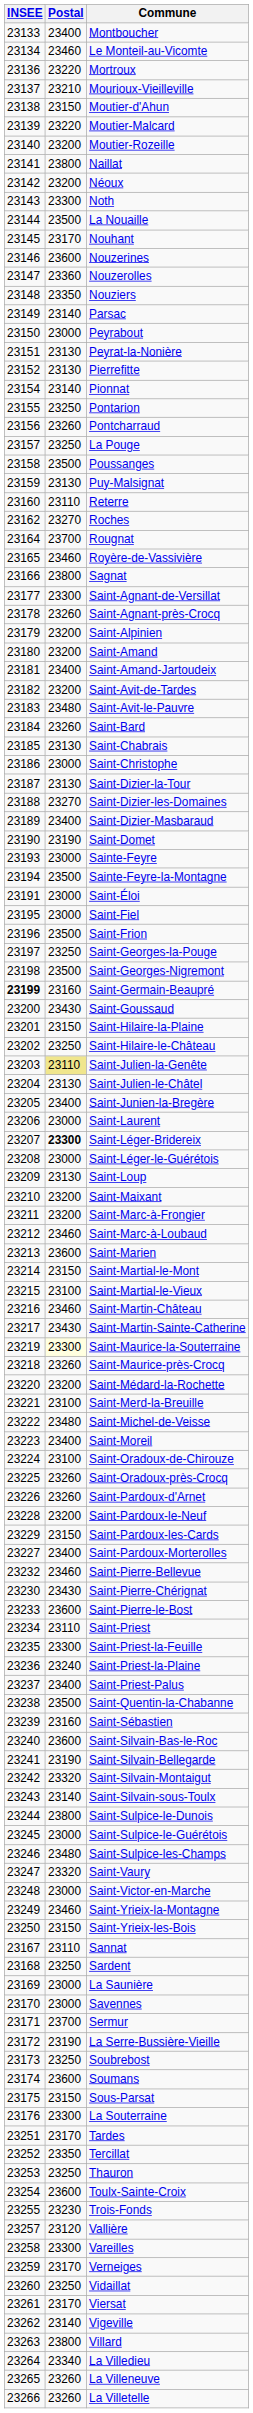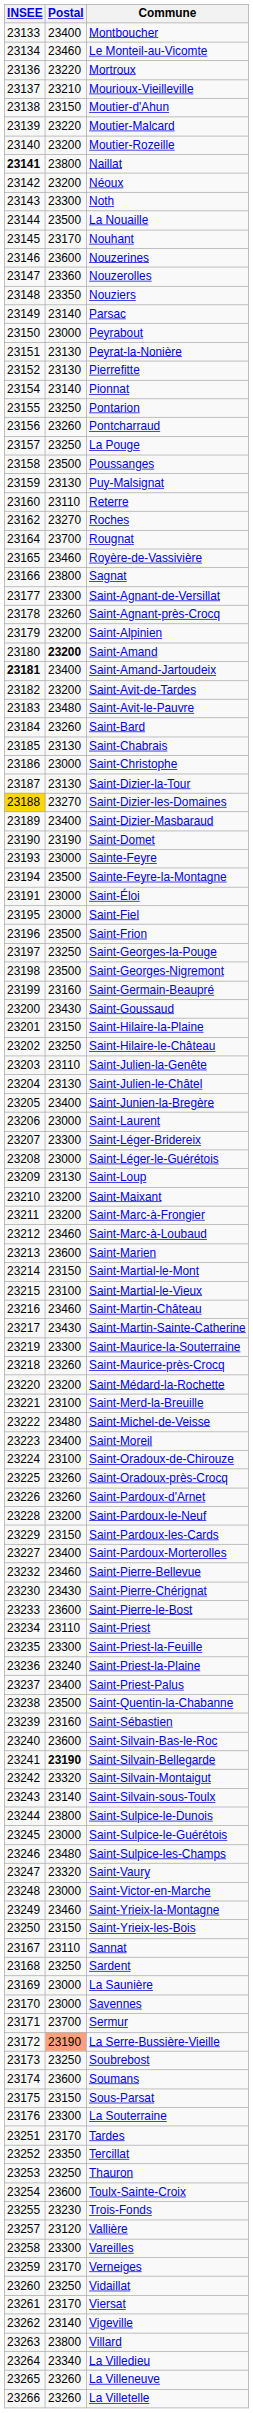 <table class="wikitable sortable">
 <tr>
 <th><a href='#'>INSEE</a></th>
 <th><a href='#'>Postal</a></th>
 <th>Commune</th>
 </tr>
 <tr>
 <td>23133</td>
 <td>23400</td>
 <td><a href='#'>Montboucher</a></td>
 </tr>
 <tr>
 <td>23134</td>
 <td>23460</td>
 <td><a href='#'>Le Monteil-au-Vicomte</a></td>
 </tr>
 <tr>
 <td>23136</td>
 <td>23220</td>
 <td><a href='#'>Mortroux</a></td>
 </tr>
 <tr>
 <td>23137</td>
 <td>23210</td>
 <td><a href='#'>Mourioux-Vieilleville</a></td>
 </tr>
 <tr>
 <td>23138</td>
 <td>23150</td>
 <td><a href='#'>Moutier-d'Ahun</a></td>
 </tr>
 <tr>
 <td>23139</td>
 <td>23220</td>
 <td><a href='#'>Moutier-Malcard</a></td>
 </tr>
 <tr>
 <td>23140</td>
 <td>23200</td>
 <td><a href='#'>Moutier-Rozeille</a></td>
 </tr>
 <tr>
-<td>23141</td>
+<td><strong>23141</strong></td>
 <td>23800</td>
 <td><a href='#'>Naillat</a></td>
 </tr>
 <tr>
 <td>23142</td>
 <td>23200</td>
 <td><a href='#'>Néoux</a></td>
 </tr>
 <tr>
 <td>23143</td>
 <td>23300</td>
 <td><a href='#'>Noth</a></td>
 </tr>
 <tr>
 <td>23144</td>
 <td>23500</td>
 <td><a href='#'>La Nouaille</a></td>
 </tr>
 <tr>
 <td>23145</td>
 <td>23170</td>
 <td><a href='#'>Nouhant</a></td>
 </tr>
 <tr>
 <td>23146</td>
 <td>23600</td>
 <td><a href='#'>Nouzerines</a></td>
 </tr>
 <tr>
 <td>23147</td>
 <td>23360</td>
 <td><a href='#'>Nouzerolles</a></td>
 </tr>
 <tr>
 <td>23148</td>
 <td>23350</td>
 <td><a href='#'>Nouziers</a></td>
 </tr>
 <tr>
 <td>23149</td>
 <td>23140</td>
 <td><a href='#'>Parsac</a></td>
 </tr>
 <tr>
 <td>23150</td>
 <td>23000</td>
 <td><a href='#'>Peyrabout</a></td>
 </tr>
 <tr>
 <td>23151</td>
 <td>23130</td>
 <td><a href='#'>Peyrat-la-Nonière</a></td>
 </tr>
 <tr>
 <td>23152</td>
 <td>23130</td>
 <td><a href='#'>Pierrefitte</a></td>
 </tr>
 <tr>
 <td>23154</td>
 <td>23140</td>
 <td><a href='#'>Pionnat</a></td>
 </tr>
 <tr>
 <td>23155</td>
 <td>23250</td>
 <td><a href='#'>Pontarion</a></td>
 </tr>
 <tr>
 <td>23156</td>
 <td>23260</td>
 <td><a href='#'>Pontcharraud</a></td>
 </tr>
 <tr>
 <td>23157</td>
 <td>23250</td>
 <td><a href='#'>La Pouge</a></td>
 </tr>
 <tr>
 <td>23158</td>
 <td>23500</td>
 <td><a href='#'>Poussanges</a></td>
 </tr>
 <tr>
 <td>23159</td>
 <td>23130</td>
 <td><a href='#'>Puy-Malsignat</a></td>
 </tr>
 <tr>
 <td>23160</td>
 <td>23110</td>
 <td><a href='#'>Reterre</a></td>
 </tr>
 <tr>
 <td>23162</td>
 <td>23270</td>
 <td><a href='#'>Roches</a></td>
 </tr>
 <tr>
 <td>23164</td>
 <td>23700</td>
 <td><a href='#'>Rougnat</a></td>
 </tr>
 <tr>
 <td>23165</td>
 <td>23460</td>
 <td><a href='#'>Royère-de-Vassivière</a></td>
 </tr>
 <tr>
 <td>23166</td>
 <td>23800</td>
 <td><a href='#'>Sagnat</a></td>
 </tr>
 <tr>
 <td>23177</td>
 <td>23300</td>
 <td><a href='#'>Saint-Agnant-de-Versillat</a></td>
 </tr>
 <tr>
 <td>23178</td>
 <td>23260</td>
 <td><a href='#'>Saint-Agnant-près-Crocq</a></td>
 </tr>
 <tr>
 <td>23179</td>
 <td>23200</td>
 <td><a href='#'>Saint-Alpinien</a></td>
 </tr>
 <tr>
 <td>23180</td>
-<td>23200</td>
+<td><strong>23200</strong></td>
 <td><a href='#'>Saint-Amand</a></td>
 </tr>
 <tr>
-<td>23181</td>
+<td><strong>23181</strong></td>
 <td>23400</td>
 <td><a href='#'>Saint-Amand-Jartoudeix</a></td>
 </tr>
 <tr>
 <td>23182</td>
 <td>23200</td>
 <td><a href='#'>Saint-Avit-de-Tardes</a></td>
 </tr>
 <tr>
 <td>23183</td>
 <td>23480</td>
 <td><a href='#'>Saint-Avit-le-Pauvre</a></td>
 </tr>
 <tr>
 <td>23184</td>
 <td>23260</td>
 <td><a href='#'>Saint-Bard</a></td>
 </tr>
 <tr>
 <td>23185</td>
 <td>23130</td>
 <td><a href='#'>Saint-Chabrais</a></td>
 </tr>
 <tr>
 <td>23186</td>
 <td>23000</td>
 <td><a href='#'>Saint-Christophe</a></td>
 </tr>
 <tr>
 <td>23187</td>
 <td>23130</td>
 <td><a href='#'>Saint-Dizier-la-Tour</a></td>
 </tr>
 <tr>
-<td>23188</td>
+<td style="background: gold;">23188</td>
 <td>23270</td>
 <td><a href='#'>Saint-Dizier-les-Domaines</a></td>
 </tr>
 <tr>
 <td>23189</td>
 <td>23400</td>
 <td><a href='#'>Saint-Dizier-Masbaraud</a></td>
 </tr>
 <tr>
 <td>23190</td>
 <td>23190</td>
 <td><a href='#'>Saint-Domet</a></td>
 </tr>
 <tr>
 <td>23193</td>
 <td>23000</td>
 <td><a href='#'>Sainte-Feyre</a></td>
 </tr>
 <tr>
 <td>23194</td>
 <td>23500</td>
 <td><a href='#'>Sainte-Feyre-la-Montagne</a></td>
 </tr>
 <tr>
 <td>23191</td>
 <td>23000</td>
 <td><a href='#'>Saint-Éloi</a></td>
 </tr>
 <tr>
 <td>23195</td>
 <td>23000</td>
 <td><a href='#'>Saint-Fiel</a></td>
 </tr>
 <tr>
 <td>23196</td>
 <td>23500</td>
 <td><a href='#'>Saint-Frion</a></td>
 </tr>
 <tr>
 <td>23197</td>
 <td>23250</td>
 <td><a href='#'>Saint-Georges-la-Pouge</a></td>
 </tr>
 <tr>
 <td>23198</td>
 <td>23500</td>
 <td><a href='#'>Saint-Georges-Nigremont</a></td>
 </tr>
 <tr>
-<td><strong>23199</strong></td>
+<td>23199</td>
 <td>23160</td>
 <td><a href='#'>Saint-Germain-Beaupré</a></td>
 </tr>
 <tr>
 <td>23200</td>
 <td>23430</td>
 <td><a href='#'>Saint-Goussaud</a></td>
 </tr>
 <tr>
 <td>23201</td>
 <td>23150</td>
 <td><a href='#'>Saint-Hilaire-la-Plaine</a></td>
 </tr>
 <tr>
 <td>23202</td>
 <td>23250</td>
 <td><a href='#'>Saint-Hilaire-le-Château</a></td>
 </tr>
 <tr>
 <td>23203</td>
-<td style="background: khaki;">23110</td>
+<td>23110</td>
 <td><a href='#'>Saint-Julien-la-Genête</a></td>
 </tr>
 <tr>
 <td>23204</td>
 <td>23130</td>
 <td><a href='#'>Saint-Julien-le-Châtel</a></td>
 </tr>
 <tr>
 <td>23205</td>
 <td>23400</td>
 <td><a href='#'>Saint-Junien-la-Bregère</a></td>
 </tr>
 <tr>
 <td>23206</td>
 <td>23000</td>
 <td><a href='#'>Saint-Laurent</a></td>
 </tr>
 <tr>
 <td>23207</td>
-<td><strong>23300</strong></td>
+<td>23300</td>
 <td><a href='#'>Saint-Léger-Bridereix</a></td>
 </tr>
 <tr>
 <td>23208</td>
 <td>23000</td>
 <td><a href='#'>Saint-Léger-le-Guérétois</a></td>
 </tr>
 <tr>
 <td>23209</td>
 <td>23130</td>
 <td><a href='#'>Saint-Loup</a></td>
 </tr>
 <tr>
 <td>23210</td>
 <td>23200</td>
 <td><a href='#'>Saint-Maixant</a></td>
 </tr>
 <tr>
 <td>23211</td>
 <td>23200</td>
 <td><a href='#'>Saint-Marc-à-Frongier</a></td>
 </tr>
 <tr>
 <td>23212</td>
 <td>23460</td>
 <td><a href='#'>Saint-Marc-à-Loubaud</a></td>
 </tr>
 <tr>
 <td>23213</td>
 <td>23600</td>
 <td><a href='#'>Saint-Marien</a></td>
 </tr>
 <tr>
 <td>23214</td>
 <td>23150</td>
 <td><a href='#'>Saint-Martial-le-Mont</a></td>
 </tr>
 <tr>
 <td>23215</td>
 <td>23100</td>
 <td><a href='#'>Saint-Martial-le-Vieux</a></td>
 </tr>
 <tr>
 <td>23216</td>
 <td>23460</td>
 <td><a href='#'>Saint-Martin-Château</a></td>
 </tr>
 <tr>
 <td>23217</td>
 <td>23430</td>
 <td><a href='#'>Saint-Martin-Sainte-Catherine</a></td>
 </tr>
 <tr>
 <td>23219</td>
-<td style="background: lightyellow;">23300</td>
+<td>23300</td>
 <td><a href='#'>Saint-Maurice-la-Souterraine</a></td>
 </tr>
 <tr>
 <td>23218</td>
 <td>23260</td>
 <td><a href='#'>Saint-Maurice-près-Crocq</a></td>
 </tr>
 <tr>
 <td>23220</td>
 <td>23200</td>
 <td><a href='#'>Saint-Médard-la-Rochette</a></td>
 </tr>
 <tr>
 <td>23221</td>
 <td>23100</td>
 <td><a href='#'>Saint-Merd-la-Breuille</a></td>
 </tr>
 <tr>
 <td>23222</td>
 <td>23480</td>
 <td><a href='#'>Saint-Michel-de-Veisse</a></td>
 </tr>
 <tr>
 <td>23223</td>
 <td>23400</td>
 <td><a href='#'>Saint-Moreil</a></td>
 </tr>
 <tr>
 <td>23224</td>
 <td>23100</td>
 <td><a href='#'>Saint-Oradoux-de-Chirouze</a></td>
 </tr>
 <tr>
 <td>23225</td>
 <td>23260</td>
 <td><a href='#'>Saint-Oradoux-près-Crocq</a></td>
 </tr>
 <tr>
 <td>23226</td>
 <td>23260</td>
 <td><a href='#'>Saint-Pardoux-d'Arnet</a></td>
 </tr>
 <tr>
 <td>23228</td>
 <td>23200</td>
 <td><a href='#'>Saint-Pardoux-le-Neuf</a></td>
 </tr>
 <tr>
 <td>23229</td>
 <td>23150</td>
 <td><a href='#'>Saint-Pardoux-les-Cards</a></td>
 </tr>
 <tr>
 <td>23227</td>
 <td>23400</td>
 <td><a href='#'>Saint-Pardoux-Morterolles</a></td>
 </tr>
 <tr>
 <td>23232</td>
 <td>23460</td>
 <td><a href='#'>Saint-Pierre-Bellevue</a></td>
 </tr>
 <tr>
 <td>23230</td>
 <td>23430</td>
 <td><a href='#'>Saint-Pierre-Chérignat</a></td>
 </tr>
 <tr>
 <td>23233</td>
 <td>23600</td>
 <td><a href='#'>Saint-Pierre-le-Bost</a></td>
 </tr>
 <tr>
 <td>23234</td>
 <td>23110</td>
 <td><a href='#'>Saint-Priest</a></td>
 </tr>
 <tr>
 <td>23235</td>
 <td>23300</td>
 <td><a href='#'>Saint-Priest-la-Feuille</a></td>
 </tr>
 <tr>
 <td>23236</td>
 <td>23240</td>
 <td><a href='#'>Saint-Priest-la-Plaine</a></td>
 </tr>
 <tr>
 <td>23237</td>
 <td>23400</td>
 <td><a href='#'>Saint-Priest-Palus</a></td>
 </tr>
 <tr>
 <td>23238</td>
 <td>23500</td>
 <td><a href='#'>Saint-Quentin-la-Chabanne</a></td>
 </tr>
 <tr>
 <td>23239</td>
 <td>23160</td>
 <td><a href='#'>Saint-Sébastien</a></td>
 </tr>
 <tr>
 <td>23240</td>
 <td>23600</td>
 <td><a href='#'>Saint-Silvain-Bas-le-Roc</a></td>
 </tr>
 <tr>
 <td>23241</td>
-<td>23190</td>
+<td><strong>23190</strong></td>
 <td><a href='#'>Saint-Silvain-Bellegarde</a></td>
 </tr>
 <tr>
 <td>23242</td>
 <td>23320</td>
 <td><a href='#'>Saint-Silvain-Montaigut</a></td>
 </tr>
 <tr>
 <td>23243</td>
 <td>23140</td>
 <td><a href='#'>Saint-Silvain-sous-Toulx</a></td>
 </tr>
 <tr>
 <td>23244</td>
 <td>23800</td>
 <td><a href='#'>Saint-Sulpice-le-Dunois</a></td>
 </tr>
 <tr>
 <td>23245</td>
 <td>23000</td>
 <td><a href='#'>Saint-Sulpice-le-Guérétois</a></td>
 </tr>
 <tr>
 <td>23246</td>
 <td>23480</td>
 <td><a href='#'>Saint-Sulpice-les-Champs</a></td>
 </tr>
 <tr>
 <td>23247</td>
 <td>23320</td>
 <td><a href='#'>Saint-Vaury</a></td>
 </tr>
 <tr>
 <td>23248</td>
 <td>23000</td>
 <td><a href='#'>Saint-Victor-en-Marche</a></td>
 </tr>
 <tr>
 <td>23249</td>
 <td>23460</td>
 <td><a href='#'>Saint-Yrieix-la-Montagne</a></td>
 </tr>
 <tr>
 <td>23250</td>
 <td>23150</td>
 <td><a href='#'>Saint-Yrieix-les-Bois</a></td>
 </tr>
 <tr>
 <td>23167</td>
 <td>23110</td>
 <td><a href='#'>Sannat</a></td>
 </tr>
 <tr>
 <td>23168</td>
 <td>23250</td>
 <td><a href='#'>Sardent</a></td>
 </tr>
 <tr>
 <td>23169</td>
 <td>23000</td>
 <td><a href='#'>La Saunière</a></td>
 </tr>
 <tr>
 <td>23170</td>
 <td>23000</td>
 <td><a href='#'>Savennes</a></td>
 </tr>
 <tr>
 <td>23171</td>
 <td>23700</td>
 <td><a href='#'>Sermur</a></td>
 </tr>
 <tr>
 <td>23172</td>
-<td>23190</td>
+<td style="background: lightsalmon;">23190</td>
 <td><a href='#'>La Serre-Bussière-Vieille</a></td>
 </tr>
 <tr>
 <td>23173</td>
 <td>23250</td>
 <td><a href='#'>Soubrebost</a></td>
 </tr>
 <tr>
 <td>23174</td>
 <td>23600</td>
 <td><a href='#'>Soumans</a></td>
 </tr>
 <tr>
 <td>23175</td>
 <td>23150</td>
 <td><a href='#'>Sous-Parsat</a></td>
 </tr>
 <tr>
 <td>23176</td>
 <td>23300</td>
 <td><a href='#'>La Souterraine</a></td>
 </tr>
 <tr>
 <td>23251</td>
 <td>23170</td>
 <td><a href='#'>Tardes</a></td>
 </tr>
 <tr>
 <td>23252</td>
 <td>23350</td>
 <td><a href='#'>Tercillat</a></td>
 </tr>
 <tr>
 <td>23253</td>
 <td>23250</td>
 <td><a href='#'>Thauron</a></td>
 </tr>
 <tr>
 <td>23254</td>
 <td>23600</td>
 <td><a href='#'>Toulx-Sainte-Croix</a></td>
 </tr>
 <tr>
 <td>23255</td>
 <td>23230</td>
 <td><a href='#'>Trois-Fonds</a></td>
 </tr>
 <tr>
 <td>23257</td>
 <td>23120</td>
 <td><a href='#'>Vallière</a></td>
 </tr>
 <tr>
 <td>23258</td>
 <td>23300</td>
 <td><a href='#'>Vareilles</a></td>
 </tr>
 <tr>
 <td>23259</td>
 <td>23170</td>
 <td><a href='#'>Verneiges</a></td>
 </tr>
 <tr>
 <td>23260</td>
 <td>23250</td>
 <td><a href='#'>Vidaillat</a></td>
 </tr>
 <tr>
 <td>23261</td>
 <td>23170</td>
 <td><a href='#'>Viersat</a></td>
 </tr>
 <tr>
 <td>23262</td>
 <td>23140</td>
 <td><a href='#'>Vigeville</a></td>
 </tr>
 <tr>
 <td>23263</td>
 <td>23800</td>
 <td><a href='#'>Villard</a></td>
 </tr>
 <tr>
 <td>23264</td>
 <td>23340</td>
 <td><a href='#'>La Villedieu</a></td>
 </tr>
 <tr>
 <td>23265</td>
 <td>23260</td>
 <td><a href='#'>La Villeneuve</a></td>
 </tr>
 <tr>
 <td>23266</td>
 <td>23260</td>
 <td><a href='#'>La Villetelle</a></td>
 </tr>
 </table>
